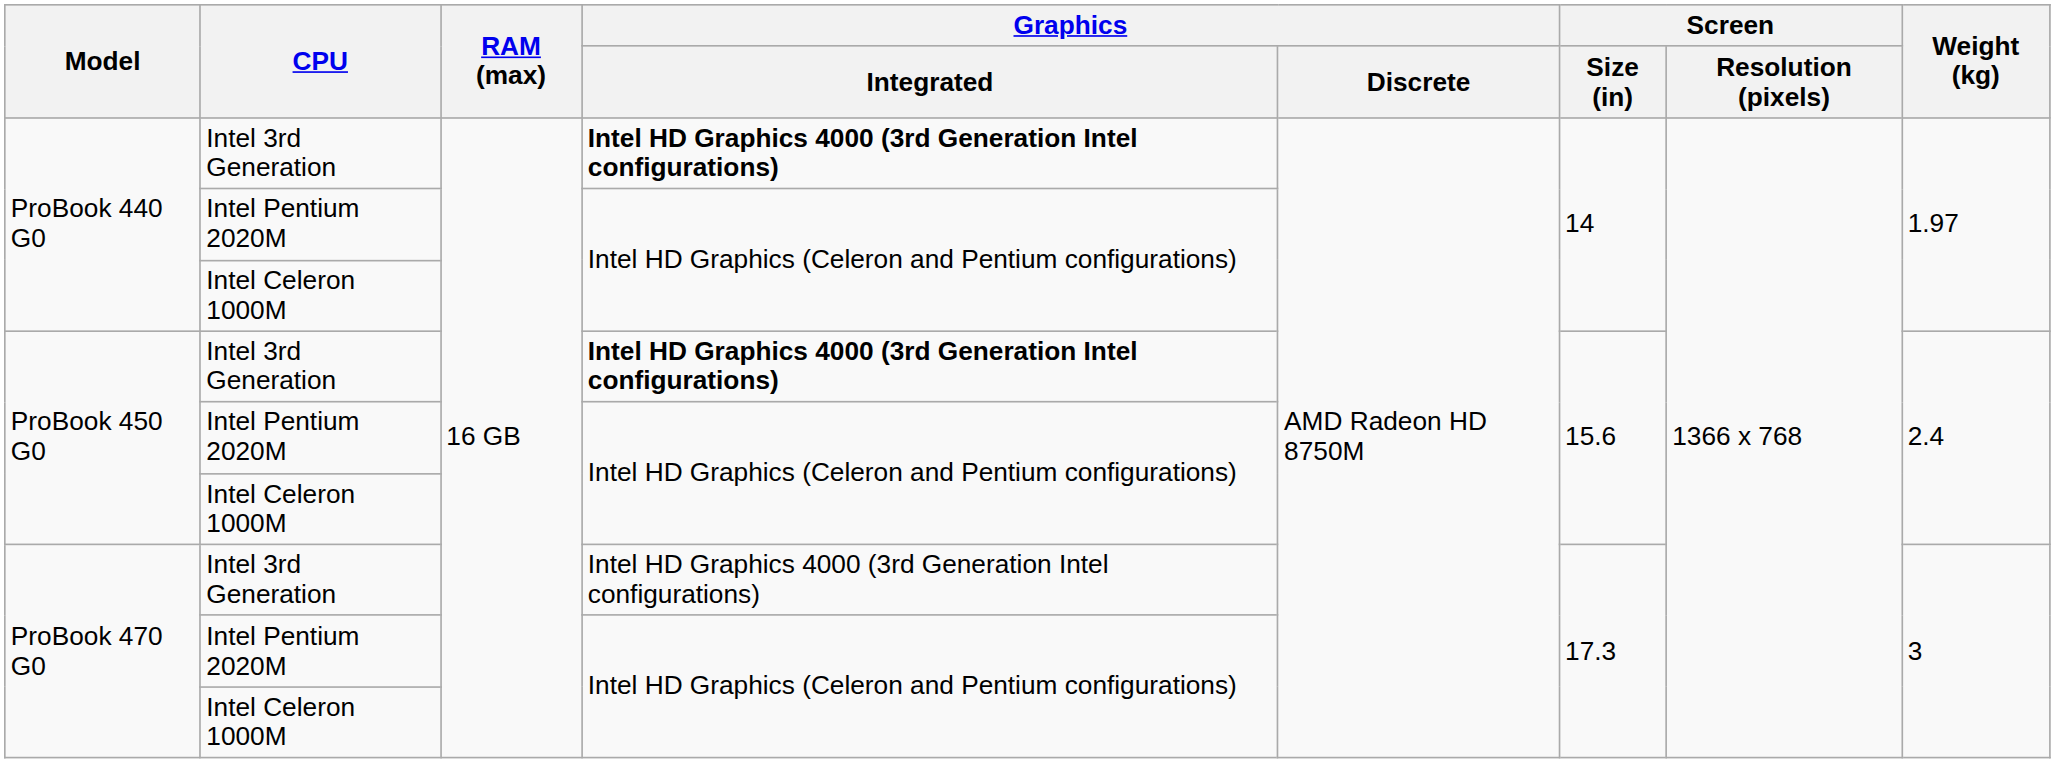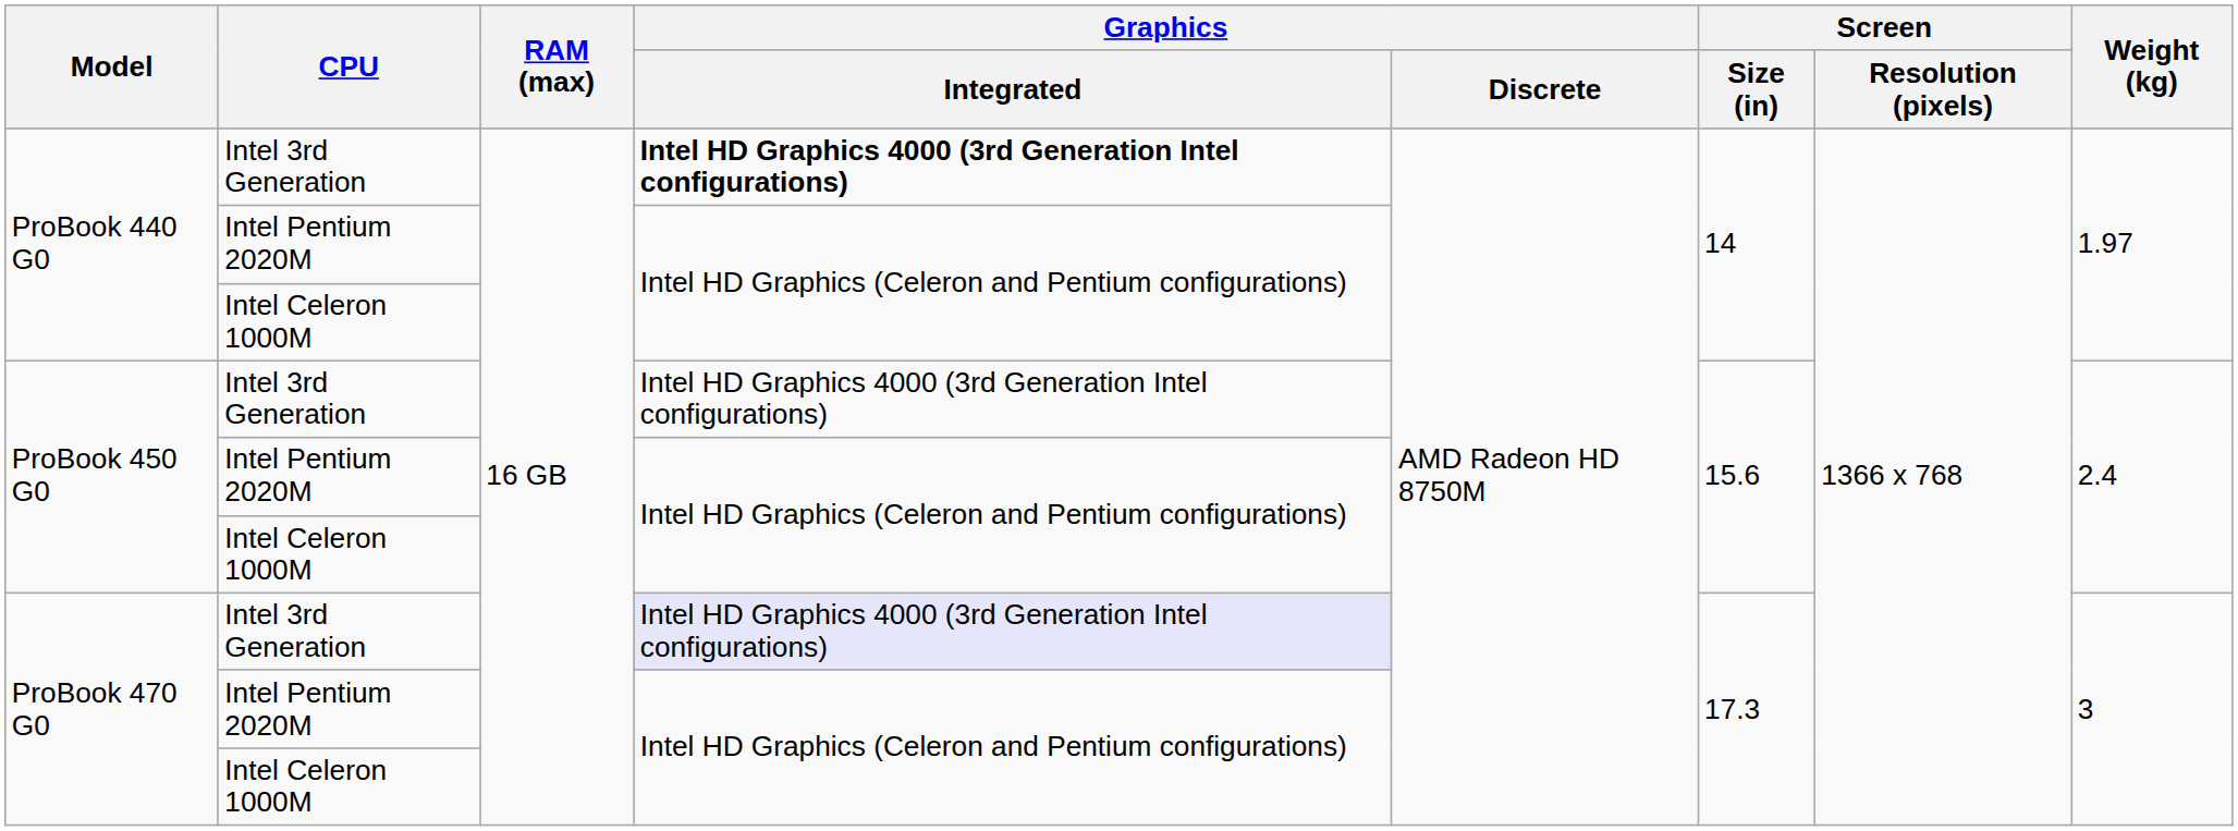 <table class="wikitable">
 <tr>
 <th rowspan="2">Model</th>
 <th rowspan="2"><a href='#'>CPU</a></th>
 <th rowspan="2"><a href='#'>RAM</a> (max)</th>
 <th colspan="2"><a href='#'>Graphics</a></th>
 <th colspan="2">Screen</th>
 <th rowspan="2">Weight (kg)</th>
 </tr>
 <tr>
 <th>Integrated</th>
 <th>Discrete</th>
 <th>Size (in)</th>
 <th>Resolution (pixels)</th>
 </tr>
 <tr>
 <td rowspan="3">ProBook 440 G0</td>
 <td>Intel 3rd Generation</td>
 <td rowspan="9">16 GB</td>
 <td><strong>Intel HD Graphics 4000 (3rd Generation Intel configurations)</strong></td>
 <td rowspan="9">AMD Radeon HD 8750M</td>
 <td rowspan="3">14</td>
 <td rowspan="9">1366 x 768</td>
 <td rowspan="3">1.97</td>
 </tr>
 <tr>
 <td>Intel Pentium 2020M</td>
 <td rowspan="2">Intel HD Graphics (Celeron and Pentium configurations)</td>
 </tr>
 <tr>
 <td>Intel Celeron 1000M</td>
 </tr>
 <tr>
 <td rowspan="3">ProBook 450 G0</td>
 <td>Intel 3rd Generation</td>
-<td><strong>Intel HD Graphics 4000 (3rd Generation Intel configurations)</strong></td>
+<td>Intel HD Graphics 4000 (3rd Generation Intel configurations)</td>
 <td rowspan="3">15.6</td>
 <td rowspan="3">2.4</td>
 </tr>
 <tr>
 <td>Intel Pentium 2020M</td>
 <td rowspan="2">Intel HD Graphics (Celeron and Pentium configurations)</td>
 </tr>
 <tr>
 <td>Intel Celeron 1000M</td>
 </tr>
 <tr>
 <td rowspan="3">ProBook 470 G0</td>
 <td>Intel 3rd Generation</td>
-<td>Intel HD Graphics 4000 (3rd Generation Intel configurations)</td>
+<td style="background: lavender;">Intel HD Graphics 4000 (3rd Generation Intel configurations)</td>
 <td rowspan="3">17.3</td>
 <td rowspan="3">3</td>
 </tr>
 <tr>
 <td>Intel Pentium 2020M</td>
 <td rowspan="2">Intel HD Graphics (Celeron and Pentium configurations)</td>
 </tr>
 <tr>
 <td>Intel Celeron 1000M</td>
 </tr>
 </table>
